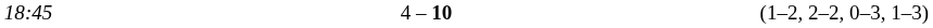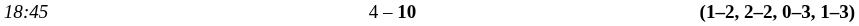 <table style="text-align:center">
 <tr>
 <th width=100></th>
 <th width=200></th>
 <th width=100></th>
 <th width=200></th>
 </tr>
 <tr>
 <td><em>18:45</em></td>
 <td align=right></td>
 <td>4 – <strong>10</strong></td>
 <td align=left><strong></strong></td>
-<td>(1–2, 2–2, 0–3, 1–3)</td>
+<td><strong>(1–2, 2–2, 0–3, 1–3)</strong></td>
 </tr>
 </table>
